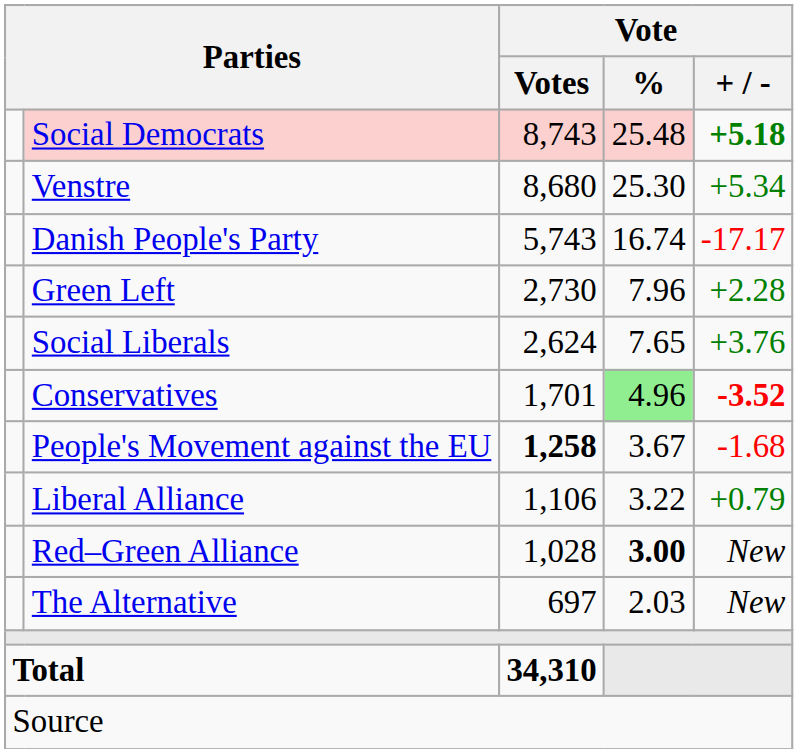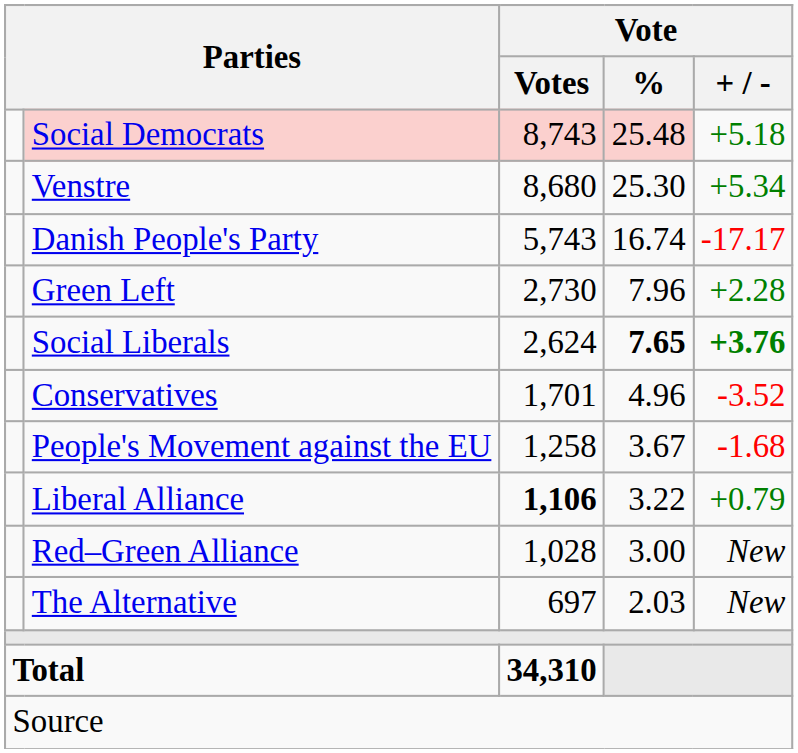 <table class="wikitable" style="text-align:right;">
 <tr>
 <th style="text-align:centre;" rowspan="2" colspan="2" width="225">Parties</th>
 <th colspan="3">Vote</th>
 </tr>
 <tr>
 <th width="15">Votes</th>
 <th width="15">%</th>
 <th width="15">+ / -</th>
 </tr>
 <tr>
 <td width="2" style="color:inherit;background:"></td>
 <td bgcolor=#fbd0ce   align="left"><a href='#'>Social Democrats</a></td>
 <td bgcolor=#fbd0ce>8,743</td>
 <td bgcolor=#fbd0ce>25.48</td>
-<td style=color:green;><strong>+5.18</strong></td>
+<td style=color:green;>+5.18</td>
 </tr>
 <tr>
 <td width="2" style="color:inherit;background:"></td>
 <td align="left"><a href='#'>Venstre</a></td>
 <td>8,680</td>
 <td>25.30</td>
 <td style=color:green;>+5.34</td>
 </tr>
 <tr>
 <td width="2" style="color:inherit;background:"></td>
 <td align="left"><a href='#'>Danish People's Party</a></td>
 <td>5,743</td>
 <td>16.74</td>
 <td style=color:red;>-17.17</td>
 </tr>
 <tr>
 <td width="2" style="color:inherit;background:"></td>
 <td align="left"><a href='#'>Green Left</a></td>
 <td>2,730</td>
 <td>7.96</td>
 <td style=color:green;>+2.28</td>
 </tr>
 <tr>
 <td width="2" style="color:inherit;background:"></td>
 <td align="left"><a href='#'>Social Liberals</a></td>
 <td>2,624</td>
-<td>7.65</td>
-<td style=color:green;>+3.76</td>
+<td><strong>7.65</strong></td>
+<td style=color:green;><strong>+3.76</strong></td>
 </tr>
 <tr>
 <td width="2" style="color:inherit;background:"></td>
 <td align="left"><a href='#'>Conservatives</a></td>
 <td>1,701</td>
-<td style="background: lightgreen;">4.96</td>
-<td style=color:red;><strong>-3.52</strong></td>
+<td>4.96</td>
+<td style=color:red;>-3.52</td>
 </tr>
 <tr>
 <td width="2" style="color:inherit;background:"></td>
 <td align="left"><a href='#'>People's Movement against the EU</a></td>
-<td><strong>1,258</strong></td>
+<td>1,258</td>
 <td>3.67</td>
 <td style=color:red;>-1.68</td>
 </tr>
 <tr>
 <td width="2" style="color:inherit;background:"></td>
 <td align="left"><a href='#'>Liberal Alliance</a></td>
-<td>1,106</td>
+<td><strong>1,106</strong></td>
 <td>3.22</td>
 <td style=color:green;>+0.79</td>
 </tr>
 <tr>
 <td width="2" style="color:inherit;background:"></td>
 <td align="left"><a href='#'>Red–Green Alliance</a></td>
 <td>1,028</td>
-<td><strong>3.00</strong></td>
+<td>3.00</td>
 <td><em>New</em></td>
 </tr>
 <tr>
 <td width="2" style="color:inherit;background:"></td>
 <td align="left"><a href='#'>The Alternative</a></td>
 <td>697</td>
 <td>2.03</td>
 <td><em>New</em></td>
 </tr>
 <tr>
 <td colspan="7" bgcolor="#E9E9E9"></td>
 </tr>
 <tr>
 <td align="left" colspan="2"><strong>Total</strong></td>
 <td><strong>34,310</strong></td>
 <td bgcolor="#E9E9E9" colspan="2"></td>
 </tr>
 <tr>
 <td align="left" colspan="6">Source</td>
 </tr>
 </table>
